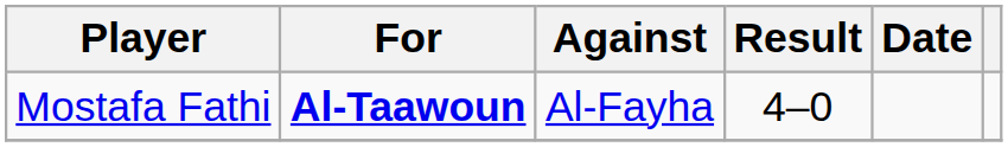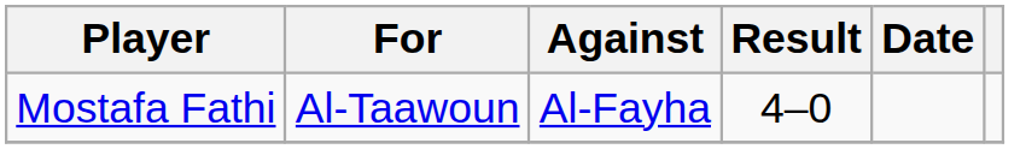 <table class="wikitable">
 <tr>
 <th>Player</th>
 <th>For</th>
 <th>Against</th>
 <th style="text-align:center">Result</th>
 <th>Date</th>
 <th></th>
 </tr>
 <tr>
 <td> <a href='#'>Mostafa Fathi</a></td>
-<td><strong><a href='#'>Al-Taawoun</a></strong></td>
+<td><a href='#'>Al-Taawoun</a></td>
 <td><a href='#'>Al-Fayha</a></td>
 <td style="text-align:center;">4–0</td>
 <td></td>
 <td></td>
 </tr>
 <tr>
 </tr>
 </table>
